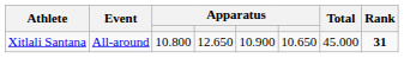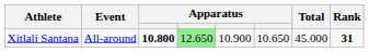 <table class="wikitable">
 <tr>
 <th rowspan="2">Athlete</th>
 <th rowspan="2">Event</th>
 <th colspan="4">Apparatus</th>
 <th rowspan="2">Total</th>
 <th rowspan="2">Rank</th>
 </tr>
 <tr>
 <th></th>
 <th></th>
 <th></th>
 <th></th>
 </tr>
 <tr align="center">
 <td align="left"><a href='#'>Xitlali Santana</a></td>
 <td align="left"><a href='#'>All-around</a></td>
-<td>10.800</td>
-<td>12.650</td>
+<td><strong>10.800</strong></td>
+<td style="background: lightgreen;">12.650</td>
 <td>10.900</td>
 <td>10.650</td>
 <td>45.000</td>
 <td><strong>31</strong></td>
 </tr>
 </table>
